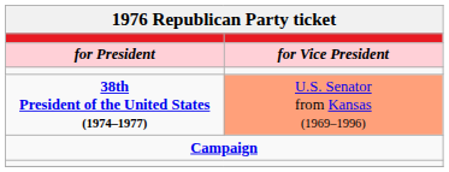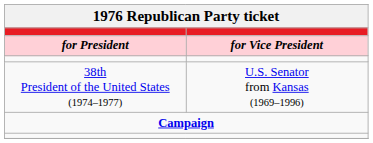 <table class="wikitable" style="font-size:90%; text-align:center;">
 <tr>
 <td style="background:#f1f1f1;" colspan="30"><big><strong>1976 Republican Party ticket</strong></big></td>
 </tr>
 <tr>
 <th style="width:3em; font-size:135%; background:#E81B23; width:200px;"><a href='#'></a></th>
 <th style="width:3em; font-size:135%; background:#E81B23; width:200px;"><a href='#'></a></th>
 </tr>
 <tr style="color:#000; font-size:100%; background:#ffd0d7;">
 <td style="width:3em; width:200px;"><strong><em>for President</em></strong></td>
 <td style="width:3em; width:200px;"><strong><em>for Vice President</em></strong></td>
 </tr>
 <tr>
 <td></td>
 <td></td>
 </tr>
 <tr>
-<td><strong><a href='#'>38th</a><br><a href='#'>President of the United States</a><br><small>(1974–1977)</small></strong></td>
-<td style="background: lightsalmon;"><a href='#'>U.S. Senator</a><br>from <a href='#'>Kansas</a><br><small>(1969–1996)</small></td>
+<td><a href='#'>38th</a><br><a href='#'>President of the United States</a><br><small>(1974–1977)</small></td>
+<td><a href='#'>U.S. Senator</a><br>from <a href='#'>Kansas</a><br><small>(1969–1996)</small></td>
 </tr>
 <tr>
 <td colspan=2><a href='#'><strong>Campaign</strong></a></td>
 </tr>
 <tr>
 <td colspan=2></td>
 </tr>
 <tr>
 </tr>
 </table>
